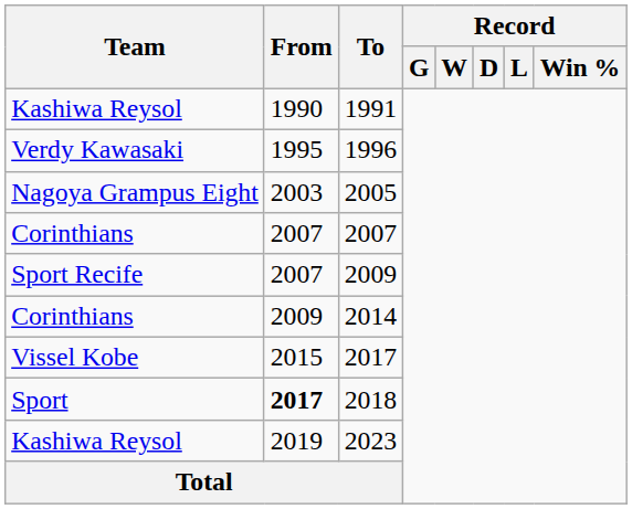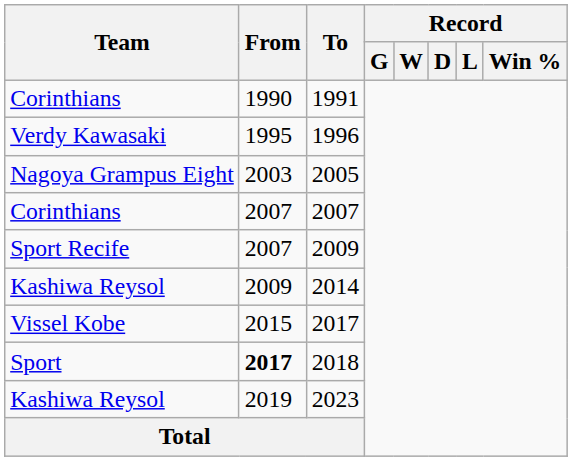 <table class="wikitable" style="text-align: center">
 <tr>
 <th rowspan="2">Team</th>
 <th rowspan="2">From</th>
 <th rowspan="2">To</th>
 <th colspan="5">Record</th>
 </tr>
 <tr>
 <th>G</th>
 <th>W</th>
 <th>D</th>
 <th>L</th>
 <th>Win %</th>
 </tr>
 <tr>
-<td align="left"><a href='#'>Kashiwa Reysol</a></td>
+<td align="left"><a href='#'>Corinthians</a></td>
 <td align="left">1990</td>
 <td align="left">1991<br></td>
 </tr>
 <tr>
 <td align="left"><a href='#'>Verdy Kawasaki</a></td>
 <td align="left">1995</td>
 <td align="left">1996<br></td>
 </tr>
 <tr>
 <td align="left"><a href='#'>Nagoya Grampus Eight</a></td>
 <td align="left">2003</td>
 <td align="left">2005<br></td>
 </tr>
 <tr>
 <td align="left"><a href='#'>Corinthians</a></td>
 <td align="left">2007</td>
 <td align="left">2007<br></td>
 </tr>
 <tr>
 <td align="left"><a href='#'>Sport Recife</a></td>
 <td align="left">2007</td>
 <td align="left">2009<br></td>
 </tr>
 <tr>
-<td align="left"><a href='#'>Corinthians</a></td>
+<td align="left"><a href='#'>Kashiwa Reysol</a></td>
 <td align="left">2009</td>
 <td align="left">2014<br></td>
 </tr>
 <tr>
 <td align="left"><a href='#'>Vissel Kobe</a></td>
 <td align="left">2015</td>
 <td align="left">2017<br></td>
 </tr>
 <tr>
 <td align="left"><a href='#'>Sport</a></td>
 <td align="left"><strong>2017</strong></td>
 <td align="left">2018<br></td>
 </tr>
 <tr>
 <td align="left"><a href='#'>Kashiwa Reysol</a></td>
 <td align="left">2019</td>
 <td align="left">2023<br></td>
 </tr>
 <tr>
 <th colspan="3">Total<br></th>
 </tr>
 </table>
